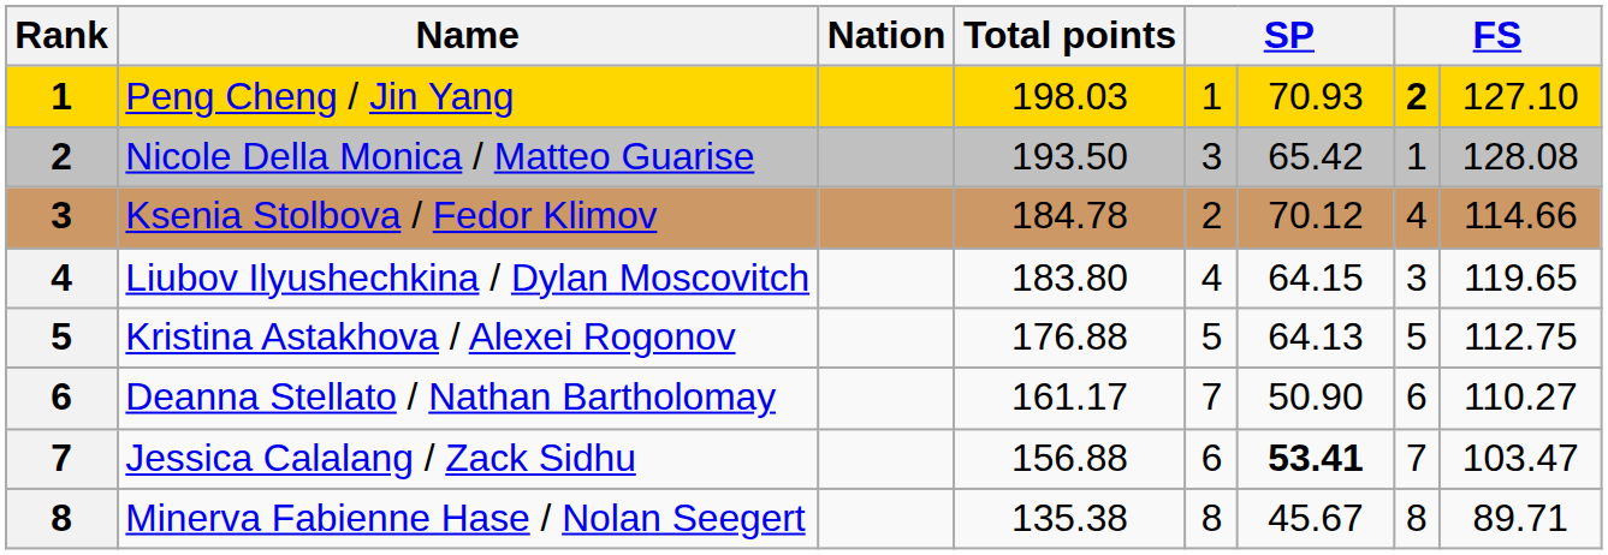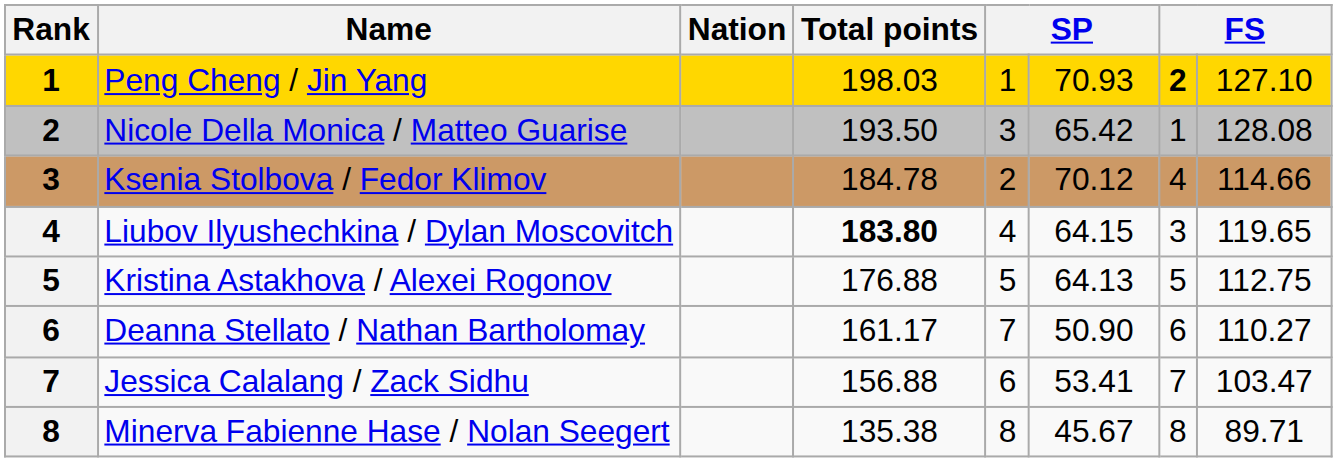 <table class="wikitable sortable">
 <tr>
 <th>Rank</th>
 <th>Name</th>
 <th>Nation</th>
 <th>Total points</th>
 <th colspan="2" width="80px"><a href='#'>SP</a></th>
 <th colspan="2" width="80px"><a href='#'>FS</a></th>
 </tr>
 <tr bgcolor="gold">
 <td align="center"><strong>1</strong></td>
 <td><a href='#'>Peng Cheng</a> / <a href='#'>Jin Yang</a></td>
 <td></td>
 <td align="center">198.03</td>
 <td align="center">1</td>
 <td align="center">70.93</td>
 <td align="center"><strong>2</strong></td>
 <td align="center">127.10</td>
 </tr>
 <tr bgcolor="silver">
 <td align="center"><strong>2</strong></td>
 <td><a href='#'>Nicole Della Monica</a> / <a href='#'>Matteo Guarise</a></td>
 <td></td>
 <td align="center">193.50</td>
 <td align="center">3</td>
 <td align="center">65.42</td>
 <td align="center">1</td>
 <td align="center">128.08</td>
 </tr>
 <tr bgcolor="cc9966">
 <td align="center"><strong>3</strong></td>
 <td><a href='#'>Ksenia Stolbova</a> / <a href='#'>Fedor Klimov</a></td>
 <td></td>
 <td align="center">184.78</td>
 <td align="center">2</td>
 <td align="center">70.12</td>
 <td align="center">4</td>
 <td align="center">114.66</td>
 </tr>
 <tr>
 <th>4</th>
 <td><a href='#'>Liubov Ilyushechkina</a> / <a href='#'>Dylan Moscovitch</a></td>
 <td></td>
-<td align="center">183.80</td>
+<td align="center"><strong>183.80</strong></td>
 <td align="center">4</td>
 <td align="center">64.15</td>
 <td align="center">3</td>
 <td align="center">119.65</td>
 </tr>
 <tr>
 <th>5</th>
 <td><a href='#'>Kristina Astakhova</a> / <a href='#'>Alexei Rogonov</a></td>
 <td></td>
 <td align="center">176.88</td>
 <td align="center">5</td>
 <td align="center">64.13</td>
 <td align="center">5</td>
 <td align="center">112.75</td>
 </tr>
 <tr>
 <th>6</th>
 <td><a href='#'>Deanna Stellato</a> / <a href='#'>Nathan Bartholomay</a></td>
 <td></td>
 <td align="center">161.17</td>
 <td align="center">7</td>
 <td align="center">50.90</td>
 <td align="center">6</td>
 <td align="center">110.27</td>
 </tr>
 <tr>
 <th>7</th>
 <td><a href='#'>Jessica Calalang</a> / <a href='#'>Zack Sidhu</a></td>
 <td></td>
 <td align="center">156.88</td>
 <td align="center">6</td>
-<td align="center"><strong>53.41</strong></td>
+<td align="center">53.41</td>
 <td align="center">7</td>
 <td align="center">103.47</td>
 </tr>
 <tr>
 <th>8</th>
 <td><a href='#'>Minerva Fabienne Hase</a> / <a href='#'>Nolan Seegert</a></td>
 <td></td>
 <td align="center">135.38</td>
 <td align="center">8</td>
 <td align="center">45.67</td>
 <td align="center">8</td>
 <td align="center">89.71</td>
 </tr>
 </table>
